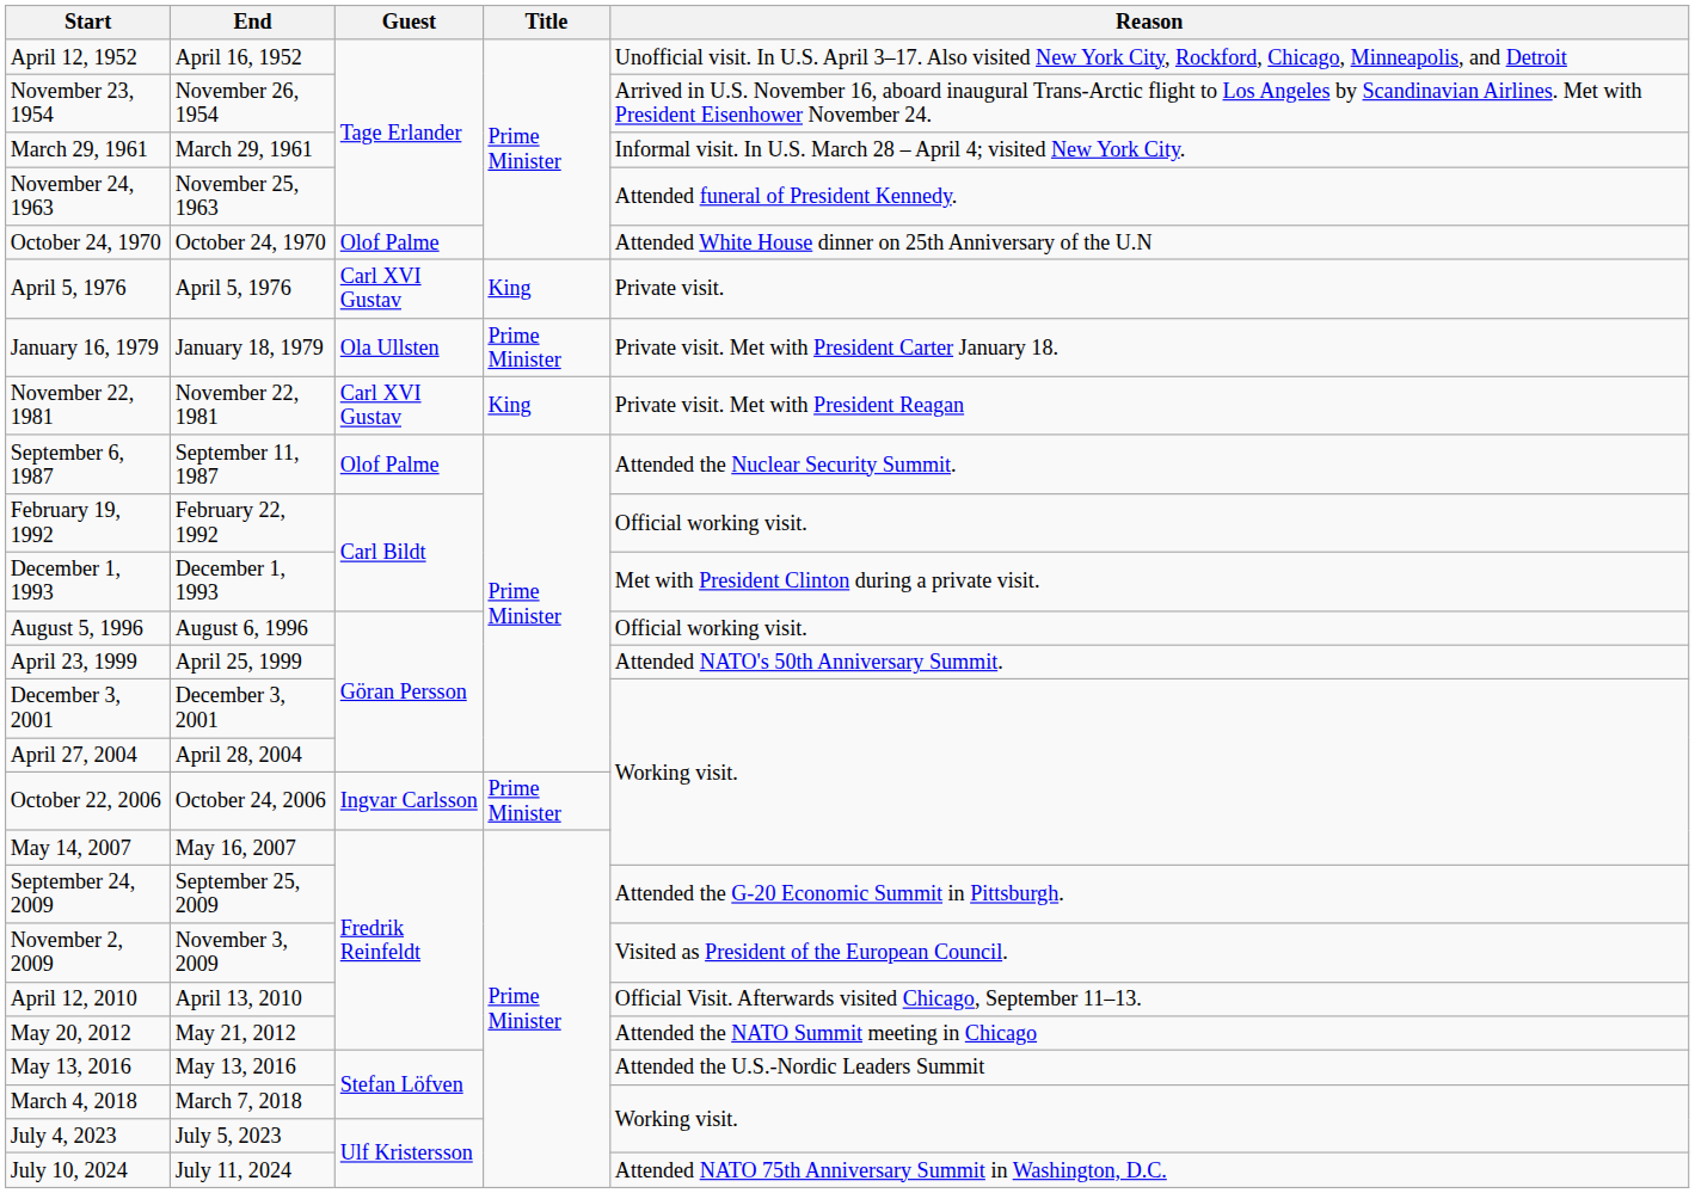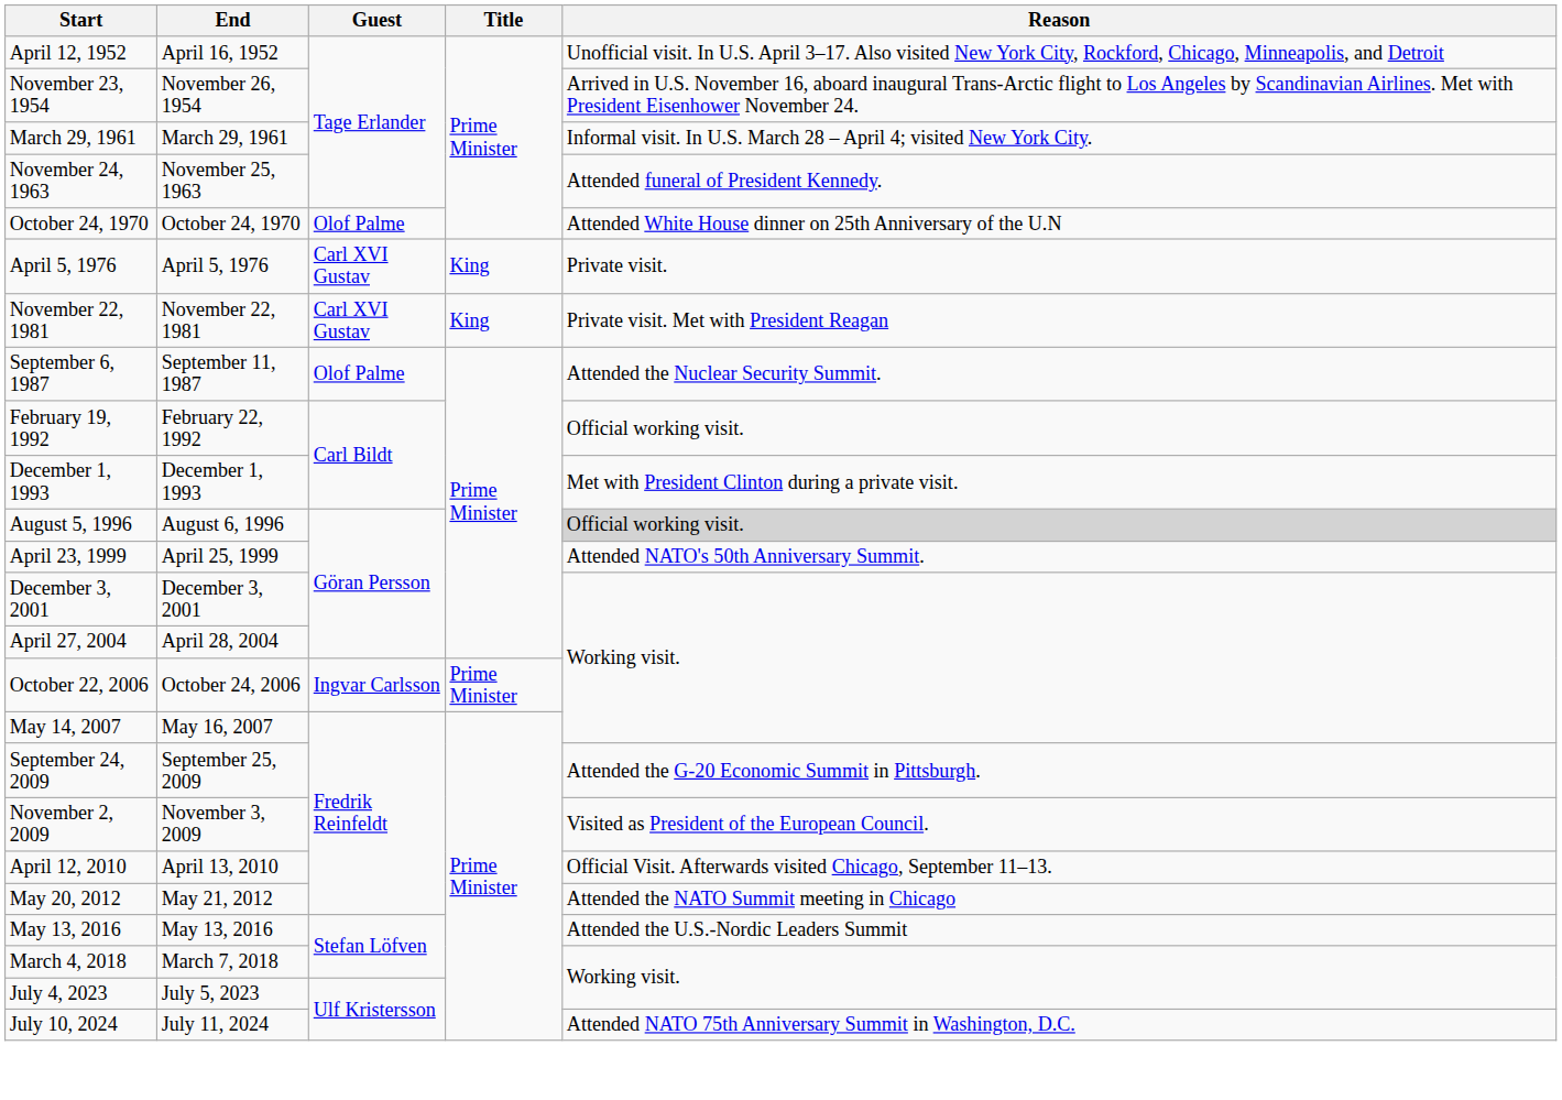 <table class="wikitable sortable">
 <tr>
 <th>Start</th>
 <th>End</th>
 <th>Guest</th>
 <th>Title</th>
 <th>Reason</th>
 </tr>
 <tr>
 <td>April 12, 1952</td>
 <td>April 16, 1952</td>
 <td rowspan=4><a href='#'>Tage Erlander</a></td>
 <td rowspan=5><a href='#'>Prime Minister</a></td>
 <td>Unofficial visit. In U.S. April 3–17. Also visited <a href='#'>New York City</a>, <a href='#'>Rockford</a>, <a href='#'>Chicago</a>, <a href='#'>Minneapolis</a>, and <a href='#'>Detroit</a></td>
 </tr>
 <tr>
 <td>November 23, 1954</td>
 <td>November 26, 1954</td>
 <td>Arrived in U.S. November 16, aboard inaugural Trans-Arctic flight to <a href='#'>Los Angeles</a> by <a href='#'>Scandinavian Airlines</a>. Met with <a href='#'>President Eisenhower</a> November 24.</td>
 </tr>
 <tr>
 <td>March 29, 1961</td>
 <td>March 29, 1961</td>
 <td>Informal visit. In U.S. March 28 – April 4; visited <a href='#'>New York City</a>.</td>
 </tr>
 <tr>
 <td>November 24, 1963</td>
 <td>November 25, 1963</td>
 <td>Attended <a href='#'>funeral of President Kennedy</a>.</td>
 </tr>
 <tr>
 <td>October 24, 1970</td>
 <td>October 24, 1970</td>
 <td><a href='#'>Olof Palme</a></td>
 <td>Attended <a href='#'>White House</a> dinner on 25th Anniversary of the U.N</td>
 </tr>
 <tr>
 <td>April 5, 1976</td>
 <td>April 5, 1976</td>
 <td><a href='#'>Carl XVI Gustav</a></td>
 <td><a href='#'>King</a></td>
 <td>Private visit.</td>
 </tr>
 <tr>
-<td>January 16, 1979</td>
-<td>January 18, 1979</td>
-<td><a href='#'>Ola Ullsten</a></td>
-<td><a href='#'>Prime Minister</a></td>
-<td>Private visit. Met with <a href='#'>President Carter</a> January 18.</td>
-</tr>
-<tr>
 <td>November 22, 1981</td>
 <td>November 22, 1981</td>
 <td><a href='#'>Carl XVI Gustav</a></td>
 <td><a href='#'>King</a></td>
 <td>Private visit. Met with <a href='#'>President Reagan</a></td>
 </tr>
 <tr>
 <td>September 6, 1987</td>
 <td>September 11, 1987</td>
 <td><a href='#'>Olof Palme</a></td>
 <td rowspan="7"><a href='#'>Prime Minister</a></td>
 <td>Attended the <a href='#'>Nuclear Security Summit</a>.</td>
 </tr>
 <tr>
 <td>February 19, 1992</td>
 <td>February 22, 1992</td>
 <td rowspan=2><a href='#'>Carl Bildt</a></td>
 <td>Official working visit.</td>
 </tr>
 <tr>
 <td>December 1, 1993</td>
 <td>December 1, 1993</td>
 <td>Met with <a href='#'>President Clinton</a> during a private visit.</td>
 </tr>
 <tr>
 <td>August 5, 1996</td>
 <td>August 6, 1996</td>
 <td rowspan=4><a href='#'>Göran Persson</a></td>
-<td>Official working visit.</td>
+<td style="background: lightgrey;">Official working visit.</td>
 </tr>
 <tr>
 <td>April 23, 1999</td>
 <td>April 25, 1999</td>
 <td>Attended <a href='#'>NATO's 50th Anniversary Summit</a>.</td>
 </tr>
 <tr>
 <td>December 3, 2001</td>
 <td>December 3, 2001</td>
 <td rowspan=4>Working visit.</td>
 </tr>
 <tr>
 <td>April 27, 2004</td>
 <td>April 28, 2004</td>
 </tr>
 <tr>
 <td>October 22, 2006</td>
 <td>October 24, 2006</td>
 <td><a href='#'>Ingvar Carlsson</a></td>
 <td><a href='#'>Prime Minister</a></td>
 </tr>
 <tr>
 <td>May 14, 2007</td>
 <td>May 16, 2007</td>
 <td rowspan=5><a href='#'>Fredrik Reinfeldt</a></td>
 <td rowspan="9"><a href='#'>Prime Minister</a></td>
 </tr>
 <tr>
 <td>September 24, 2009</td>
 <td>September 25, 2009</td>
 <td>Attended the <a href='#'>G-20 Economic Summit</a> in <a href='#'>Pittsburgh</a>.</td>
 </tr>
 <tr>
 <td>November 2, 2009</td>
 <td>November 3, 2009</td>
 <td>Visited as <a href='#'>President of the European Council</a>.</td>
 </tr>
 <tr>
 <td>April 12, 2010</td>
 <td>April 13, 2010</td>
 <td>Official Visit. Afterwards visited <a href='#'>Chicago</a>, September 11–13.</td>
 </tr>
 <tr>
 <td>May 20, 2012</td>
 <td>May 21, 2012</td>
 <td>Attended the <a href='#'>NATO Summit</a> meeting in <a href='#'>Chicago</a></td>
 </tr>
 <tr>
 <td>May 13, 2016</td>
 <td>May 13, 2016</td>
 <td rowspan=2><a href='#'>Stefan Löfven</a></td>
 <td>Attended the U.S.-Nordic Leaders Summit</td>
 </tr>
 <tr>
 <td>March 4, 2018</td>
 <td>March 7, 2018</td>
 <td rowspan=2>Working visit.</td>
 </tr>
 <tr>
 <td>July 4, 2023</td>
 <td>July 5, 2023</td>
 <td rowspan=2><a href='#'>Ulf Kristersson</a></td>
 </tr>
 <tr>
 <td>July 10, 2024</td>
 <td>July 11, 2024</td>
 <td>Attended <a href='#'>NATO 75th Anniversary Summit</a> in <a href='#'>Washington, D.C.</a></td>
 </tr>
 </table>
